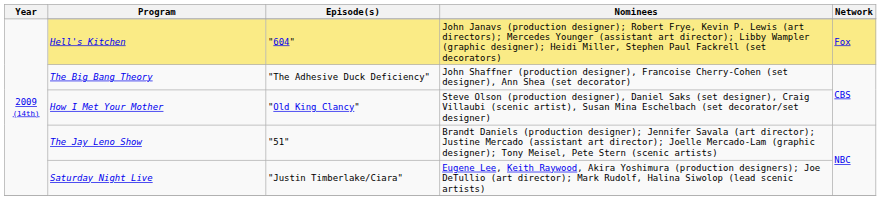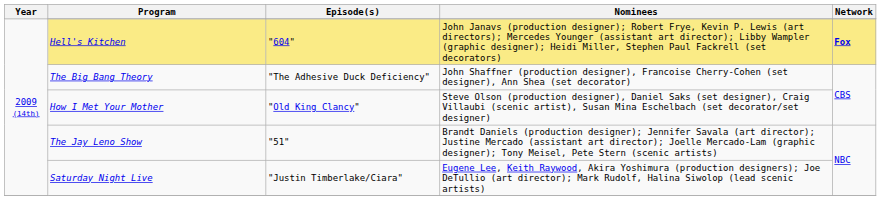 <table class="wikitable" style="width:100%">
 <tr style="background:#bebebe">
 <th width="5%">Year</th>
 <th width="25%">Program</th>
 <th width="20%">Episode(s)</th>
 <th width="45%">Nominees</th>
 <th width="5%">Network</th>
 </tr>
 <tr>
 <td rowspan=6 style="text-align:center"><a href='#'>2009</a><br><small><a href='#'>(14th)</a></small><br></td>
 </tr>
 <tr style="background:#FAEB86">
 <td><em><a href='#'>Hell's Kitchen</a></em></td>
 <td>"<a href='#'>604</a>"</td>
 <td>John Janavs (production designer); Robert Frye, Kevin P. Lewis (art directors); Mercedes Younger (assistant art director); Libby Wampler (graphic designer); Heidi Miller, Stephen Paul Fackrell (set decorators)</td>
-<td><a href='#'>Fox</a></td>
+<td><strong><a href='#'>Fox</a></strong></td>
 </tr>
 <tr>
 <td><em><a href='#'>The Big Bang Theory</a></em></td>
 <td>"The Adhesive Duck Deficiency"</td>
 <td>John Shaffner (production designer), Francoise Cherry-Cohen (set designer), Ann Shea (set decorator)</td>
 <td rowspan="2"><a href='#'>CBS</a></td>
 </tr>
 <tr>
 <td><em><a href='#'>How I Met Your Mother</a></em></td>
 <td>"<a href='#'>Old King Clancy</a>"</td>
 <td>Steve Olson (production designer), Daniel Saks (set designer), Craig Villaubi (scenic artist), Susan Mina Eschelbach (set decorator/set designer)</td>
 </tr>
 <tr>
 <td><em><a href='#'>The Jay Leno Show</a></em></td>
 <td>"51"</td>
 <td>Brandt Daniels (production designer); Jennifer Savala (art director); Justine Mercado (assistant art director); Joelle Mercado-Lam (graphic designer); Tony Meisel, Pete Stern (scenic artists)</td>
 <td rowspan="2"><a href='#'>NBC</a></td>
 </tr>
 <tr>
 <td><em><a href='#'>Saturday Night Live</a></em></td>
 <td>"Justin Timberlake/Ciara"</td>
 <td><a href='#'>Eugene Lee</a>, <a href='#'>Keith Raywood</a>, Akira Yoshimura (production designers); Joe DeTullio (art director); Mark Rudolf, Halina Siwolop (lead scenic artists)</td>
 </tr>
 <tr>
 </tr>
 </table>
